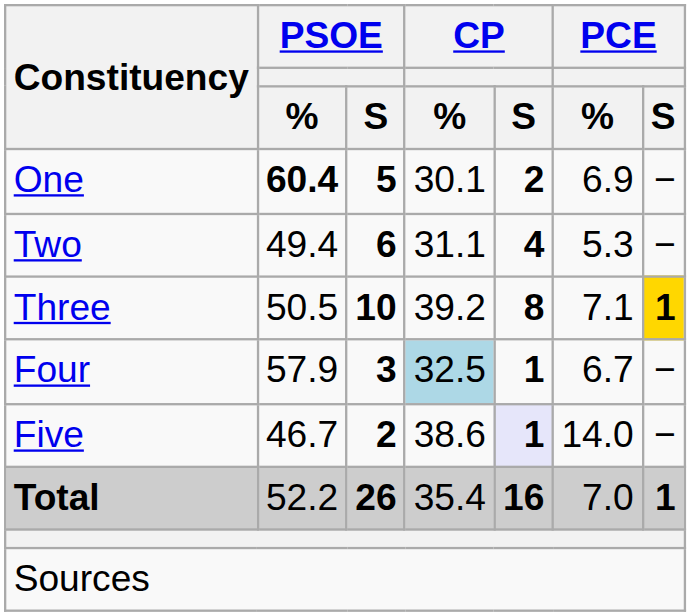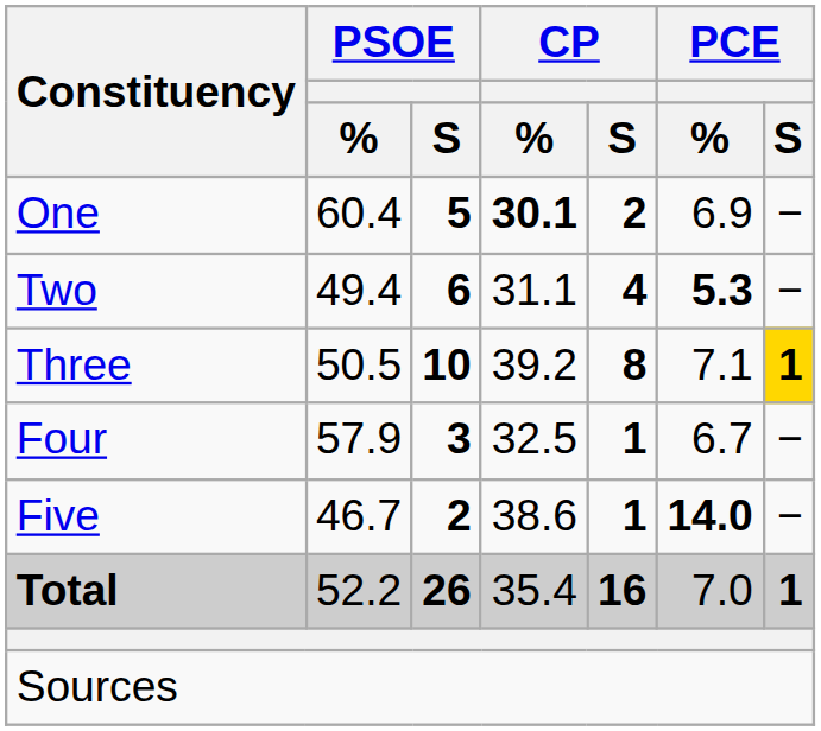 <table class="wikitable sortable" style="text-align:right; line-height:20px;">
 <tr>
 <th rowspan="3">Constituency</th>
 <th colspan="2" width="30px" class="unsortable"><a href='#'>PSOE</a></th>
 <th colspan="2" width="30px" class="unsortable"><a href='#'>CP</a></th>
 <th colspan="2" width="30px" class="unsortable"><a href='#'>PCE</a></th>
 </tr>
 <tr>
 <th colspan="2" style="background:"></th>
 <th colspan="2" style="background:"></th>
 <th colspan="2" style="background:"></th>
 </tr>
 <tr>
 <th data-sort-type="number">%</th>
 <th data-sort-type="number">S</th>
 <th data-sort-type="number">%</th>
 <th data-sort-type="number">S</th>
 <th data-sort-type="number">%</th>
 <th data-sort-type="number">S</th>
 </tr>
 <tr>
 <td align="left"><a href='#'>One</a></td>
-<td style="background:"><strong>60.4</strong></td>
+<td style="background:">60.4</td>
 <td><strong>5</strong></td>
-<td>30.1</td>
+<td><strong>30.1</strong></td>
 <td><strong>2</strong></td>
 <td>6.9</td>
 <td>−</td>
 </tr>
 <tr>
 <td align="left"><a href='#'>Two</a></td>
 <td style="background:">49.4</td>
 <td><strong>6</strong></td>
 <td>31.1</td>
 <td><strong>4</strong></td>
-<td>5.3</td>
+<td><strong>5.3</strong></td>
 <td>−</td>
 </tr>
 <tr>
 <td align="left"><a href='#'>Three</a></td>
 <td style="background:">50.5</td>
 <td><strong>10</strong></td>
 <td>39.2</td>
 <td><strong>8</strong></td>
 <td>7.1</td>
 <td style="background: gold;"><strong>1</strong></td>
 </tr>
 <tr>
 <td align="left"><a href='#'>Four</a></td>
 <td style="background:">57.9</td>
 <td><strong>3</strong></td>
-<td style="background: lightblue;">32.5</td>
+<td>32.5</td>
 <td><strong>1</strong></td>
 <td>6.7</td>
 <td>−</td>
 </tr>
 <tr>
 <td align="left"><a href='#'>Five</a></td>
 <td style="background:">46.7</td>
 <td><strong>2</strong></td>
 <td>38.6</td>
-<td style="background: lavender;"><strong>1</strong></td>
-<td>14.0</td>
+<td><strong>1</strong></td>
+<td><strong>14.0</strong></td>
 <td>−</td>
 </tr>
 <tr style="background:#CDCDCD;">
 <td align="left"><strong>Total</strong></td>
 <td style="background:">52.2</td>
 <td><strong>26</strong></td>
 <td>35.4</td>
 <td><strong>16</strong></td>
 <td>7.0</td>
 <td><strong>1</strong></td>
 </tr>
 <tr>
 <th colspan="7" bgcolor="#E9E9E9"></th>
 </tr>
 <tr>
 <th style="text-align:left; font-weight:normal; background:#F9F9F9" colspan="7">Sources</th>
 </tr>
 </table>
